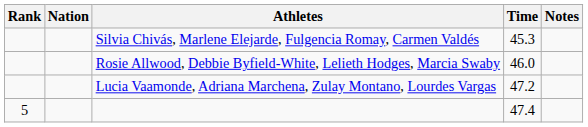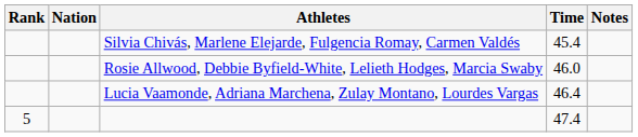 <table class="wikitable sortable" style="text-align:center;font-size:95%">
 <tr>
 <th>Rank</th>
 <th>Nation</th>
 <th>Athletes</th>
 <th>Time</th>
 <th>Notes</th>
 </tr>
 <tr>
 <td></td>
 <td align=left></td>
 <td align=left><a href='#'>Silvia Chivás</a>, <a href='#'>Marlene Elejarde</a>, <a href='#'>Fulgencia Romay</a>, <a href='#'>Carmen Valdés</a></td>
-<td>45.3</td>
+<td>45.4</td>
 <td></td>
 </tr>
 <tr>
 <td></td>
 <td align=left></td>
 <td align=left><a href='#'>Rosie Allwood</a>, <a href='#'>Debbie Byfield-White</a>, <a href='#'>Lelieth Hodges</a>, <a href='#'>Marcia Swaby</a></td>
 <td>46.0</td>
 <td></td>
 </tr>
 <tr>
 <td></td>
 <td align=left></td>
 <td align=left><a href='#'>Lucia Vaamonde</a>, <a href='#'>Adriana Marchena</a>, <a href='#'>Zulay Montano</a>, <a href='#'>Lourdes Vargas</a></td>
-<td>47.2</td>
+<td>46.4</td>
 <td></td>
 </tr>
 <tr>
 <td>5</td>
 <td align=left></td>
 <td align=left></td>
 <td>47.4</td>
 <td></td>
 </tr>
 </table>
